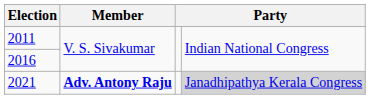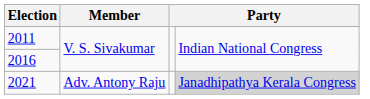 <table class="wikitable sortable">
 <tr>
 <th>Election</th>
 <th>Member</th>
 <th colspan="2">Party</th>
 </tr>
 <tr>
 <td><a href='#'>2011</a></td>
 <td rowspan="2"><a href='#'>V. S. Sivakumar</a></td>
 <td rowspan="2" style="background-color: "></td>
 <td rowspan="2"><a href='#'>Indian National Congress</a></td>
 </tr>
 <tr>
 <td><a href='#'>2016</a></td>
 </tr>
 <tr>
 <td><a href='#'>2021</a></td>
-<td><strong><a href='#'>Adv. Antony Raju</a></strong></td>
+<td><a href='#'>Adv. Antony Raju</a></td>
 <td style="background-color: "></td>
 <td style="background: lightgrey;"><a href='#'>Janadhipathya Kerala Congress</a></td>
 </tr>
 </table>
